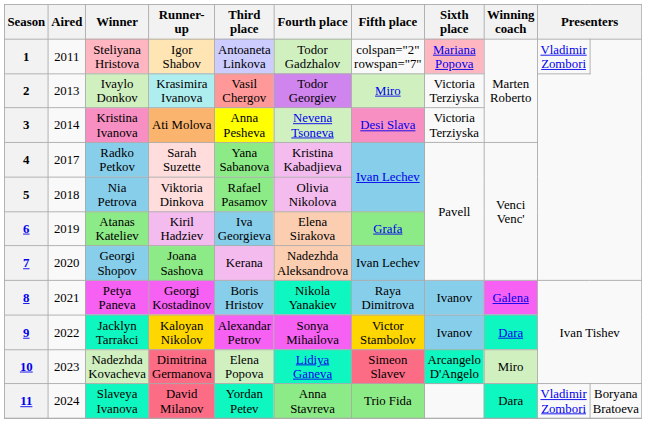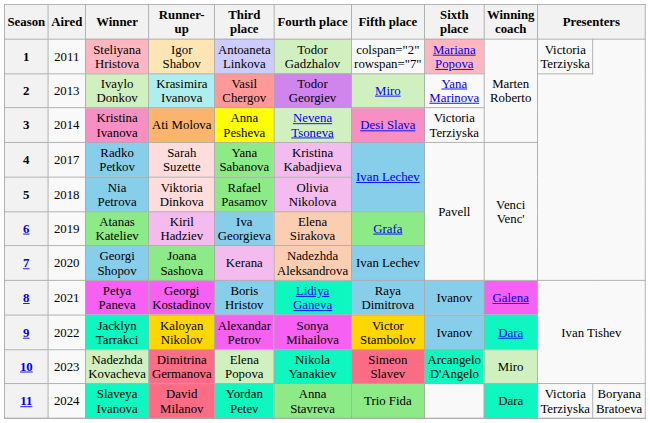 <table class="wikitable" style="text-align:center; font-size:90%; line-height:16px; width:100%">
 <tr>
 <th scope="col" width="01%">Season</th>
 <th scope="col" width="01%">Aired</th>
 <th scope="col" width="09%">Winner</th>
 <th scope="col" width="09%">Runner-up</th>
 <th scope="col" width="09%">Third place</th>
 <th scope="col" width="09%">Fourth place</th>
 <th scope="col" width="09%">Fifth place</th>
 <th scope="col" width="09%">Sixth place</th>
 <th scope="col" width="09%">Winning coach</th>
 <th colspan="2">Presenters</th>
 </tr>
 <tr>
 <th>1</th>
 <td>2011</td>
 <td style="background: lightpink">Steliyana Hristova</td>
 <td style="background:#ffe5b4">Igor Shabov</td>
 <td style="background:#ccccff">Antoaneta Linkova</td>
 <td style="background:#d0f0c0">Todor Gadzhalov</td>
 <td>colspan="2" rowspan="7" </td>
 <td style="background: lightpink"><a href='#'>Mariana Popova</a></td>
 <td width="09%" rowspan="3">Marten Roberto</td>
-<td><a href='#'>Vladimir Zombori</a></td>
+<td width="09%">Victoria Terziyska</td>
 </tr>
 <tr>
 <th>2</th>
 <td>2013</td>
 <td style="background:#d0f0c0">Ivaylo Donkov</td>
 <td style="background:#afeeee">Krasimira Ivanova</td>
 <td style="background:#ff9999">Vasil Chergov</td>
 <td style="background:#d084ee">Todor Georgiev</td>
 <td style="background:#d0f0c0"><a href='#'>Miro</a></td>
-<td>Victoria Terziyska</td>
+<td><a href='#'>Yana Marinova</a></td>
 </tr>
 <tr>
 <th>3</th>
 <td>2014</td>
 <td style="background:#f78fc2">Kristina Ivanova</td>
 <td style="background:#fbb46e">Ati Molova</td>
 <td style="background:yellow">Anna Pesheva</td>
 <td style="background:#d0f0c0"><a href='#'>Nevena Tsoneva</a></td>
 <td style="background:#f78fc2"><a href='#'>Desi Slava</a></td>
 <td>Victoria Terziyska</td>
 </tr>
 <tr>
 <th>4</th>
 <td>2017</td>
 <td style="background:#87ceeb">Radko Petkov</td>
 <td style="background:#ffdddd">Sarah Suzette</td>
 <td style="background:#8deb87">Yana Sabanova</td>
 <td style="background:#f4bbee">Kristina Kabadjieva</td>
 <td rowspan="2" style="background:#87ceeb"><a href='#'>Ivan Lechev</a></td>
 <td rowspan="4">Pavell</td>
 <td rowspan="4">Venci Venc'</td>
 </tr>
 <tr>
 <th>5</th>
 <td>2018</td>
 <td style="background:#87ceeb">Nia Petrova</td>
 <td style="background:#ffdddd">Viktoria Dinkova</td>
 <td style="background:#8deb87">Rafael Pasamov</td>
 <td style="background:#f4bbee">Olivia Nikolova</td>
 </tr>
 <tr>
 <th><a href='#'>6</a></th>
 <td>2019</td>
 <td style="background:#8deb87">Atanas Kateliev</td>
 <td style="background:#f4bbee">Kiril Hadziev</td>
 <td style="background:#87ceeb">Iva Georgieva</td>
 <td style="background:#fbceb1">Elena Sirakova</td>
 <td style="background:#8deb87"><a href='#'>Grafa</a></td>
 </tr>
 <tr>
 <th><a href='#'>7</a></th>
 <td>2020</td>
 <td style="background:#87ceeb">Georgi Shopov</td>
 <td style="background:#8deb87">Joana Sashova</td>
 <td style="background:#f4bbee">Kerana</td>
 <td style="background:#fbceb1">Nadezhda Aleksandrova</td>
 <td style="background:#87ceeb">Ivan Lechev</td>
 </tr>
 <tr>
 <th><a href='#'>8</a></th>
 <td>2021</td>
 <td style="background:#f761f3">Petya Paneva</td>
 <td style="background:#f761f3">Georgi Kostadinov</td>
 <td style="background:#87ceeb">Boris Hristov</td>
-<td style="background:#0ff7c0">Nikola Yanakiev</td>
+<td style="background:#0ff7c0"><a href='#'>Lidiya Ganeva</a></td>
 <td style="background:#87ceeb">Raya Dimitrova</td>
 <td style="background:#87ceeb"> Ivanov</td>
 <td style="background:#f761f3"><a href='#'>Galena</a></td>
 <td colspan="2" rowspan="3">Ivan Tishev</td>
 </tr>
 <tr>
 <th><a href='#'>9</a></th>
 <td>2022</td>
 <td style="background:#0ff7c0">Jacklyn Tarrakci</td>
 <td style="background: gold">Kaloyan Nikolov</td>
 <td style="background:#f761f3">Alexandar Petrov</td>
 <td style="background:#f761f3">Sonya Mihailova</td>
 <td style="background: gold">Victor Stambolov</td>
 <td style="background:#87ceeb"> Ivanov</td>
 <td style="background:#0ff7c0"><a href='#'>Dara</a></td>
 </tr>
 <tr>
 <th><a href='#'>10</a></th>
 <td>2023</td>
 <td style="background:#d0f0c0">Nadezhda Kovacheva</td>
 <td style="background:#FC6C85">Dimitrina Germanova</td>
 <td style="background:#d0f0c0">Elena Popova</td>
-<td style="background:#0ff7c0"><a href='#'>Lidiya Ganeva</a></td>
+<td style="background:#0ff7c0">Nikola Yanakiev</td>
 <td style="background:#FC6C85">Simeon Slavev</td>
 <td style="background:#0ff7c0">Arcangelo D'Angelo</td>
 <td style="background:#d0f0c0">Miro</td>
 </tr>
 <tr>
 <th><a href='#'>11</a></th>
 <td>2024</td>
 <td style="background:#0ff7c0">Slaveya Ivanova</td>
 <td style="background:#FC6C85">David Milanov</td>
 <td style="background:#0ff7c0">Yordan Petev</td>
 <td style="background:#8deb87">Anna Stavreva</td>
 <td style="background:#8deb87">Trio Fida</td>
 <td></td>
 <td style="background:#0ff7c0">Dara</td>
-<td><a href='#'>Vladimir Zombori</a></td>
+<td width="09%">Victoria Terziyska</td>
 <td>Boryana Bratoeva</td>
 </tr>
 <tr>
 </tr>
 </table>
